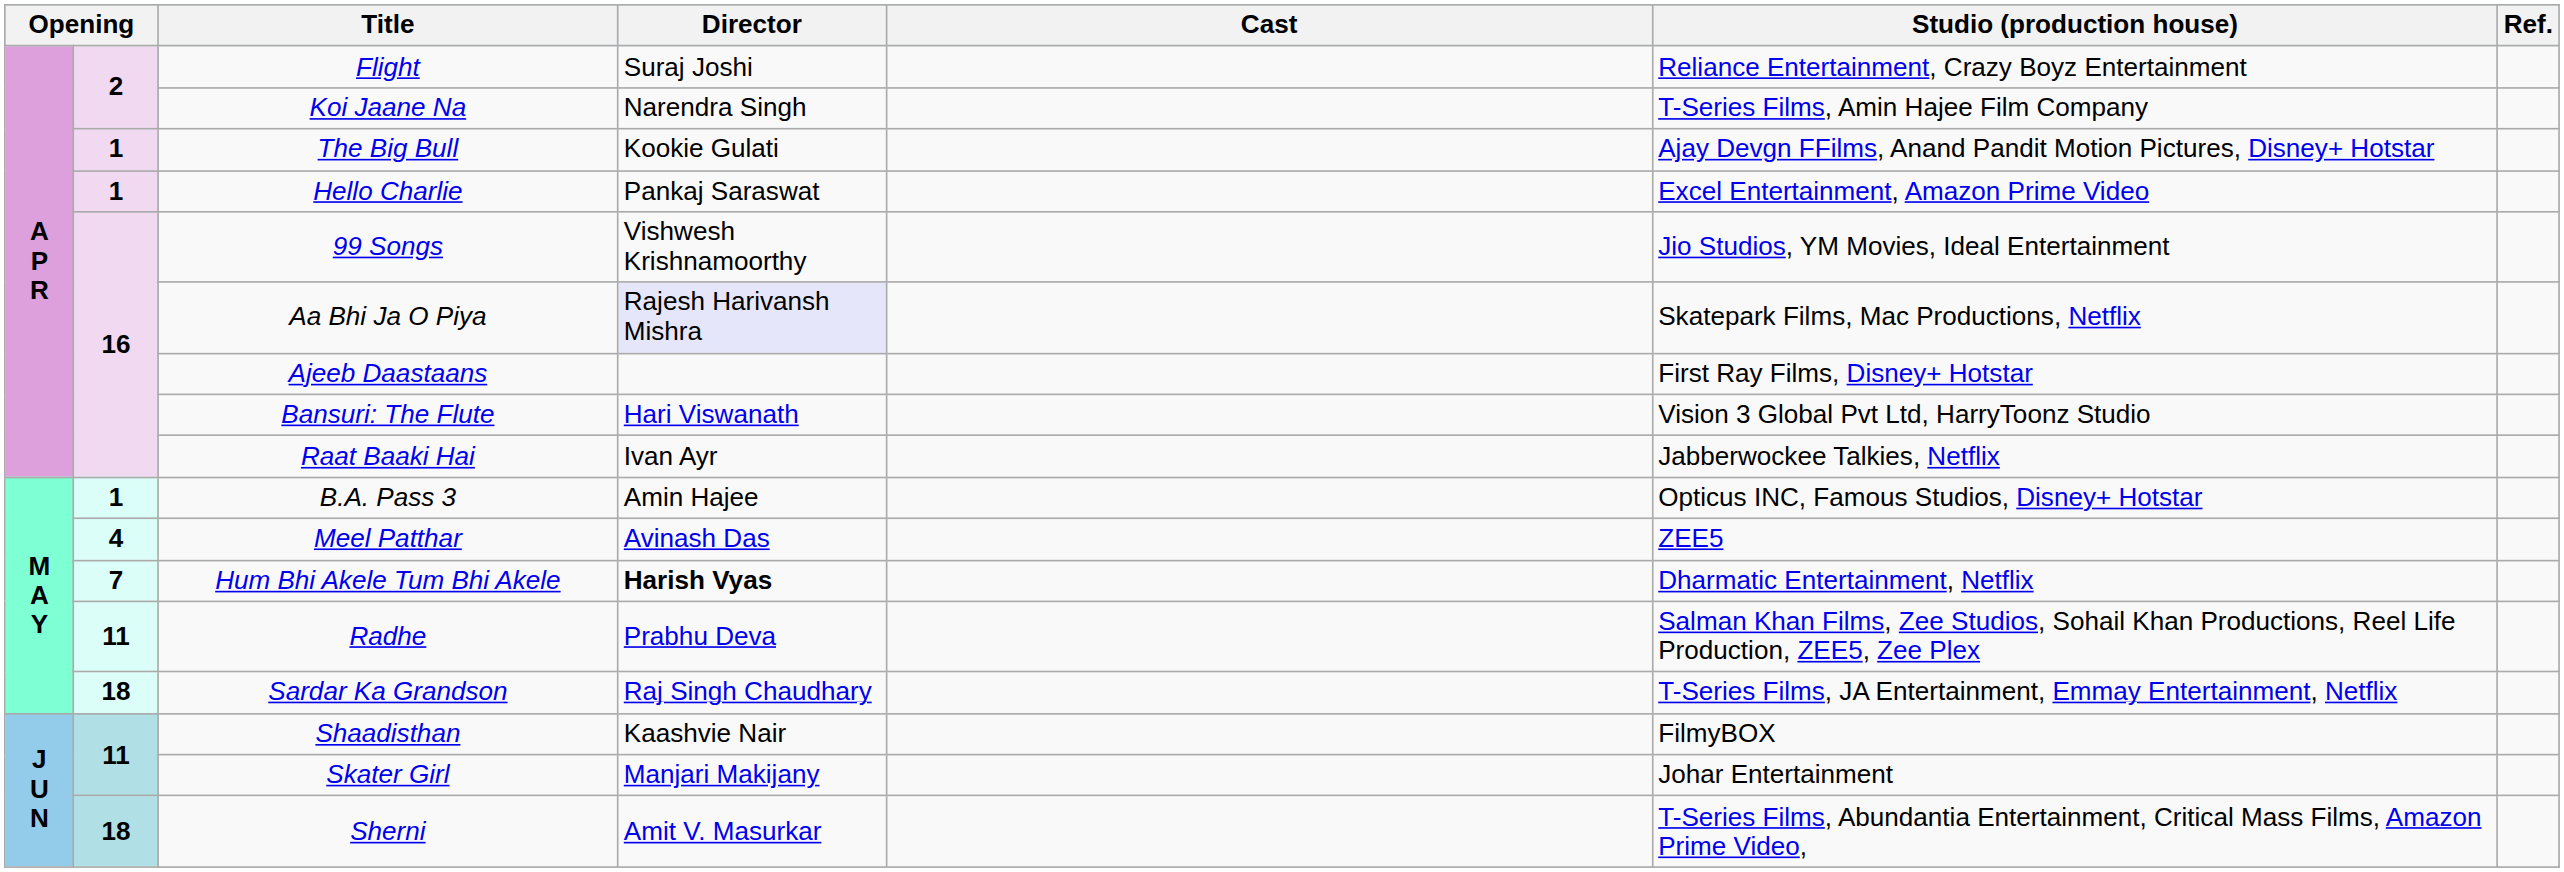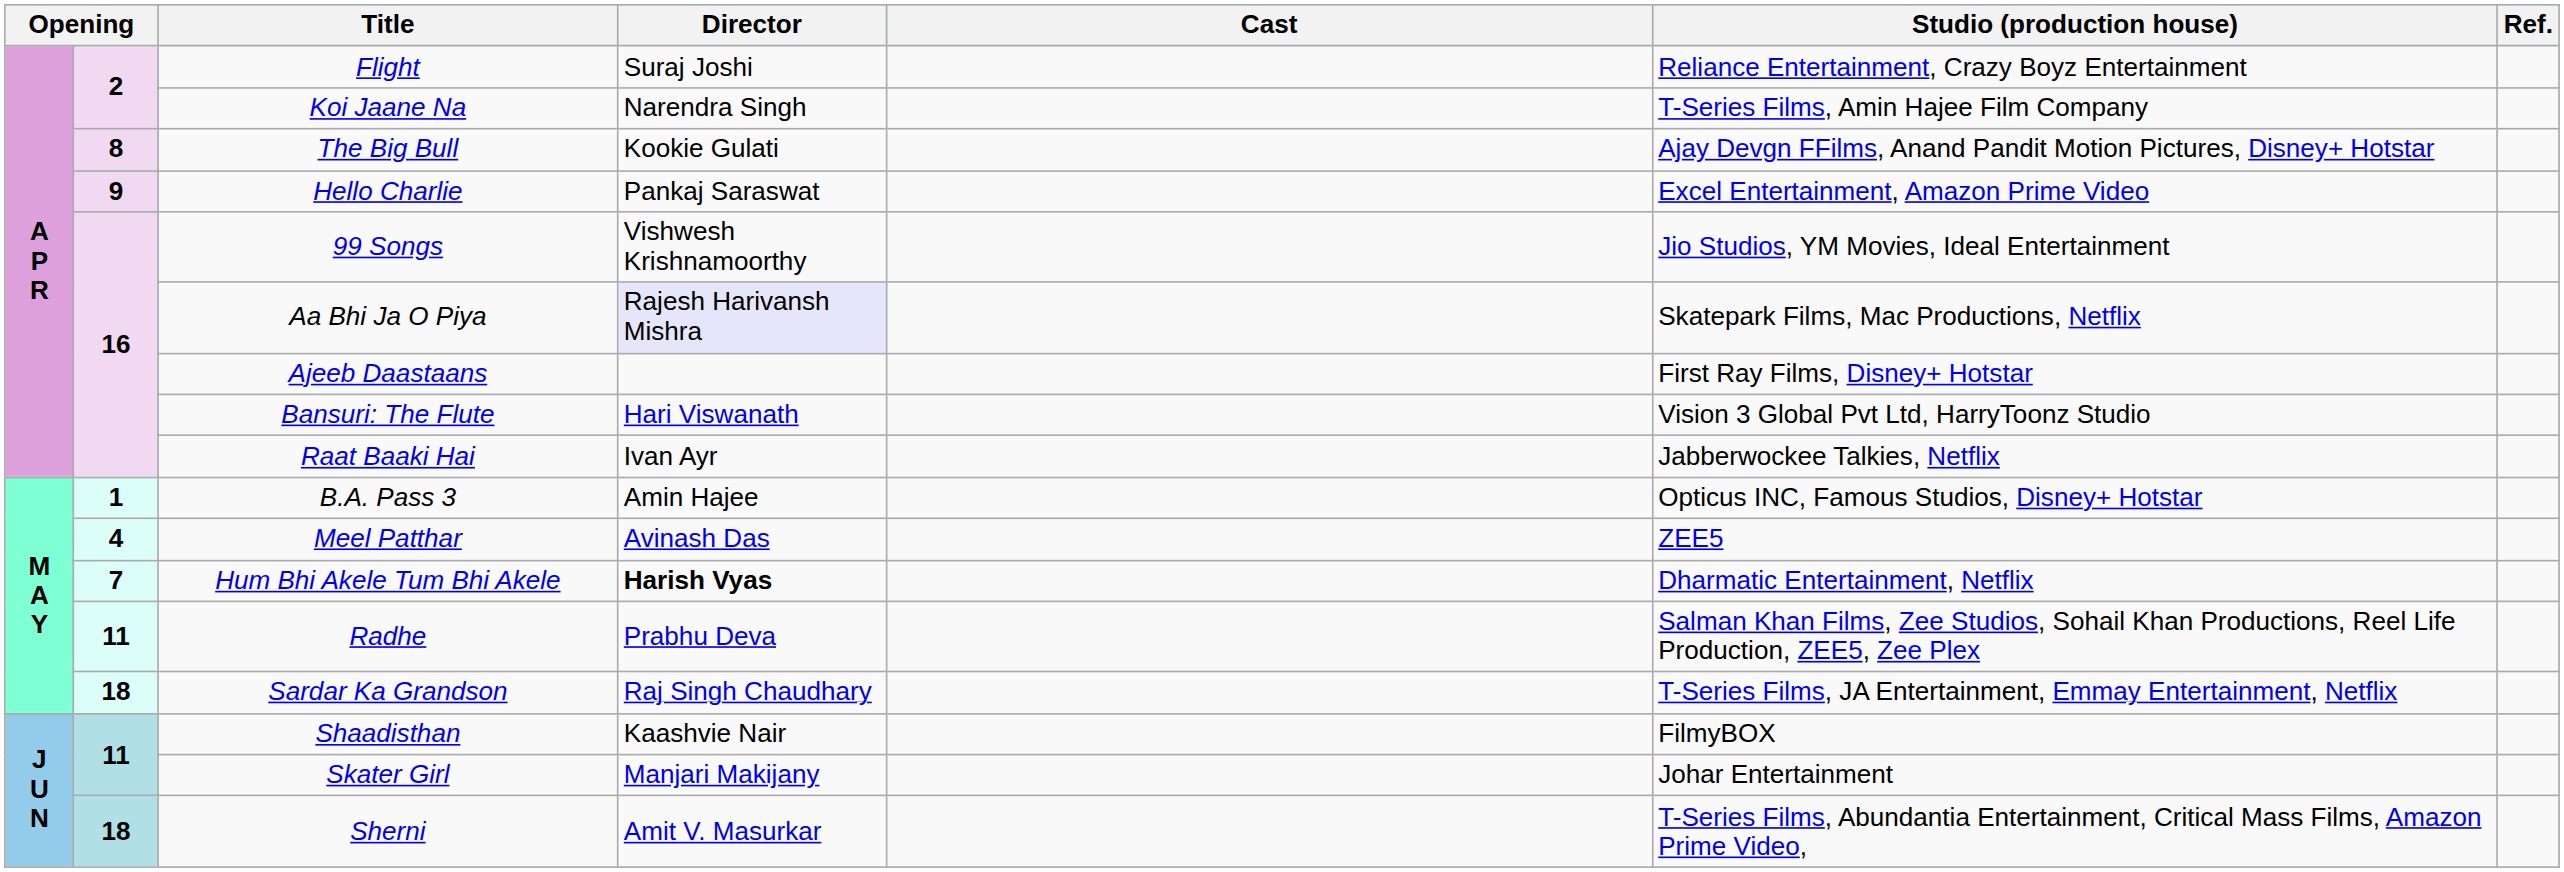 <table class="wikitable">
 <tr style="background:#b0e0e6; text-align:center;">
 <th colspan="2" style="width:6%;"><strong>Opening</strong></th>
 <th style="width:18%;"><strong>Title</strong></th>
 <th style="width:10.5%;"><strong>Director</strong></th>
 <th style="width:30%;"><strong>Cast</strong></th>
 <th>Studio (production house)</th>
 <th>Ref.</th>
 </tr>
 <tr April!>
 <td rowspan="9" style="text-align:center; background:plum;"><strong>A<br>P<br>R</strong></td>
 <td rowspan="2" style="text-align:center;background:#f1daf1;"><strong>2</strong></td>
 <td style="text-align:center;"><em><a href='#'>Flight</a></em></td>
 <td>Suraj Joshi</td>
 <td></td>
 <td><a href='#'>Reliance Entertainment</a>, Crazy Boyz Entertainment</td>
 <td></td>
 </tr>
 <tr>
 <td style="text-align:center;"><em><a href='#'>Koi Jaane Na</a></em></td>
 <td>Narendra Singh</td>
 <td></td>
 <td><a href='#'>T-Series Films</a>, Amin Hajee Film Company</td>
 <td></td>
 </tr>
 <tr>
-<td style="text-align:center;background:#f1daf1;"><strong>1</strong></td>
+<td style="text-align:center;background:#f1daf1;"><strong>8</strong></td>
 <td style="text-align:center;"><em><a href='#'>The Big Bull</a></em></td>
 <td>Kookie Gulati</td>
 <td></td>
 <td><a href='#'>Ajay Devgn FFilms</a>, Anand Pandit Motion Pictures, <a href='#'>Disney+ Hotstar</a></td>
 <td></td>
 </tr>
 <tr>
-<td style="text-align:center;background:#f1daf1;"><strong>1</strong></td>
+<td style="text-align:center;background:#f1daf1;"><strong>9</strong></td>
 <td style="text-align:center;"><em><a href='#'>Hello Charlie</a></em></td>
 <td>Pankaj Saraswat</td>
 <td></td>
 <td><a href='#'>Excel Entertainment</a>, <a href='#'>Amazon Prime Video</a></td>
 <td></td>
 </tr>
 <tr>
 <td rowspan="5" style="text-align:center;background:#f1daf1;"><strong>16</strong></td>
 <td style="text-align:center;"><em><a href='#'>99 Songs</a></em></td>
 <td>Vishwesh Krishnamoorthy</td>
 <td></td>
 <td><a href='#'>Jio Studios</a>, YM Movies, Ideal Entertainment</td>
 <td></td>
 </tr>
 <tr>
 <td style="text-align:center;"><em>Aa Bhi Ja O Piya</em></td>
 <td style="background: lavender;">Rajesh Harivansh Mishra</td>
 <td></td>
 <td>Skatepark Films, Mac Productions, <a href='#'>Netflix</a></td>
 <td></td>
 </tr>
 <tr>
 <td style="text-align:center;"><em><a href='#'>Ajeeb Daastaans</a></em></td>
 <td></td>
 <td></td>
 <td>First Ray Films, <a href='#'>Disney+ Hotstar</a></td>
 <td></td>
 </tr>
 <tr>
 <td style="text-align:center;"><em><a href='#'>Bansuri: The Flute</a></em></td>
 <td><a href='#'>Hari Viswanath</a></td>
 <td></td>
 <td>Vision 3 Global Pvt Ltd, HarryToonz Studio</td>
 <td></td>
 </tr>
 <tr>
 <td style="text-align:center;"><em><a href='#'>Raat Baaki Hai</a></em></td>
 <td>Ivan Ayr</td>
 <td></td>
 <td>Jabberwockee Talkies, <a href='#'>Netflix</a></td>
 <td></td>
 </tr>
 <tr May>
 <td rowspan="5" style="text-align:center; background:#7FFFD4; textcolor:#000;"><strong>M<br>A<br>Y</strong></td>
 <td style="text-align:center; background:#dbfff8;"><strong>1</strong></td>
 <td style="text-align:center;"><em>B.A. Pass 3</em></td>
 <td>Amin Hajee</td>
 <td></td>
 <td>Opticus INC, Famous Studios, <a href='#'>Disney+ Hotstar</a></td>
 <td></td>
 </tr>
 <tr>
 <td style="text-align:center; background:#dbfff8;"><strong>4</strong></td>
 <td style="text-align:center;"><em><a href='#'>Meel Patthar</a></em></td>
 <td><a href='#'>Avinash Das</a></td>
 <td></td>
 <td><a href='#'>ZEE5</a></td>
 <td></td>
 </tr>
 <tr>
 <td style="text-align:center; background:#dbfff8;"><strong>7</strong></td>
 <td style="text-align:center;"><em><a href='#'>Hum Bhi Akele Tum Bhi Akele</a></em></td>
 <td><strong>Harish Vyas</strong></td>
 <td></td>
 <td><a href='#'>Dharmatic Entertainment</a>, <a href='#'>Netflix</a></td>
 <td></td>
 </tr>
 <tr>
 <td style="text-align:center; background:#dbfff8;"><strong>11</strong></td>
 <td style="text-align:center;"><em><a href='#'>Radhe</a></em></td>
 <td><a href='#'>Prabhu Deva</a></td>
 <td></td>
 <td><a href='#'>Salman Khan Films</a>, <a href='#'>Zee Studios</a>, Sohail Khan Productions, Reel Life Production, <a href='#'>ZEE5</a>, <a href='#'>Zee Plex</a></td>
 <td></td>
 </tr>
 <tr>
 <td style="text-align:center; background:#dbfff8;"><strong>18</strong></td>
 <td style="text-align:center;"><em><a href='#'>Sardar Ka Grandson</a></em></td>
 <td><a href='#'>Raj Singh Chaudhary</a></td>
 <td></td>
 <td><a href='#'>T-Series Films</a>, JA Entertainment, <a href='#'>Emmay Entertainment</a>, <a href='#'>Netflix</a></td>
 <td></td>
 </tr>
 <tr June>
 <td rowspan="3" style="text-align:center; background:#93CCEA; textcolor:#000;"><strong>J<br>U<br>N</strong></td>
 <td rowspan="2" style="text-align:center;background:#B0E0E6;"><strong>11</strong></td>
 <td style="text-align:center;"><em><a href='#'>Shaadisthan</a></em></td>
 <td>Kaashvie Nair</td>
 <td></td>
 <td>FilmyBOX</td>
 <td></td>
 </tr>
 <tr>
 <td style="text-align:center;"><em><a href='#'>Skater Girl</a></em></td>
 <td><a href='#'>Manjari Makijany</a></td>
 <td></td>
 <td>Johar Entertainment</td>
 <td></td>
 </tr>
 <tr>
 <td style="text-align:center;background:#B0E0E6;"><strong>18</strong></td>
 <td style="text-align:center;"><em><a href='#'>Sherni</a></em></td>
 <td><a href='#'>Amit V. Masurkar</a></td>
 <td></td>
 <td><a href='#'>T-Series Films</a>, Abundantia Entertainment, Critical Mass Films, <a href='#'>Amazon Prime Video</a>,</td>
 <td></td>
 </tr>
 </table>
